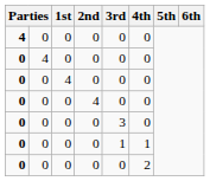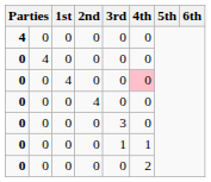 <table class="wikitable" style="text-align:right;">
 <tr>
 <th colspan=2 style="text-align:left;">Parties</th>
 <th>1st</th>
 <th>2nd</th>
 <th>3rd</th>
 <th>4th</th>
 <th>5th</th>
 <th>6th</th>
 </tr>
 <tr>
 <td><strong>4</strong></td>
 <td>0</td>
 <td>0</td>
 <td>0</td>
 <td>0</td>
 <td>0</td>
 </tr>
 <tr>
 <td><strong>0</strong></td>
 <td>4</td>
 <td>0</td>
 <td>0</td>
 <td>0</td>
 <td>0</td>
 </tr>
 <tr>
 <td><strong>0</strong></td>
 <td>0</td>
 <td>4</td>
 <td>0</td>
 <td>0</td>
-<td>0</td>
+<td style="background: pink;">0</td>
 </tr>
 <tr>
 <td><strong>0</strong></td>
 <td>0</td>
 <td>0</td>
 <td>4</td>
 <td>0</td>
 <td>0</td>
 </tr>
 <tr>
 <td><strong>0</strong></td>
 <td>0</td>
 <td>0</td>
 <td>0</td>
 <td>3</td>
 <td>0</td>
 </tr>
 <tr>
 <td><strong>0</strong></td>
 <td>0</td>
 <td>0</td>
 <td>0</td>
 <td>1</td>
 <td>1</td>
 </tr>
 <tr>
 <td><strong>0</strong></td>
 <td>0</td>
 <td>0</td>
 <td>0</td>
 <td>0</td>
 <td>2</td>
 </tr>
 </table>
